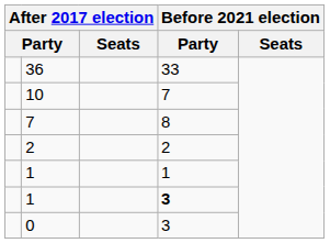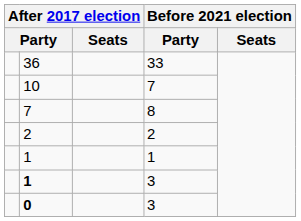 <table class="wikitable">
 <tr>
 <th colspan="3">After <a href='#'>2017 election</a></th>
 <th colspan="3">Before 2021 election</th>
 </tr>
 <tr>
 <th colspan="2">Party</th>
 <th>Seats</th>
 <th colspan="2">Party</th>
 <th>Seats</th>
 </tr>
 <tr>
 <td></td>
 <td>36</td>
 <td></td>
 <td>33</td>
 </tr>
 <tr>
 <td></td>
 <td>10</td>
 <td></td>
 <td>7</td>
 </tr>
 <tr>
 <td></td>
 <td>7</td>
 <td></td>
 <td>8</td>
 </tr>
 <tr>
 <td></td>
 <td>2</td>
 <td></td>
 <td>2</td>
 </tr>
 <tr>
 <td></td>
 <td>1</td>
 <td></td>
 <td>1</td>
 </tr>
 <tr>
 <td></td>
-<td>1</td>
+<td><strong>1</strong></td>
 <td></td>
-<td><strong>3</strong></td>
+<td>3</td>
 </tr>
 <tr>
 <td></td>
-<td>0</td>
+<td><strong>0</strong></td>
 <td></td>
 <td>3</td>
 </tr>
 </table>
